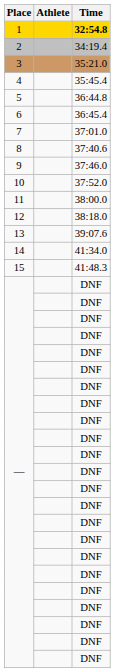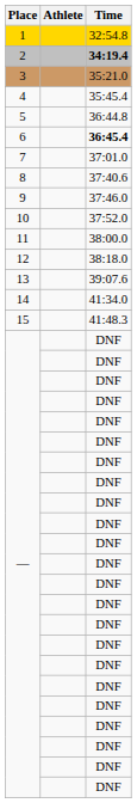 <table class=wikitable style="text-align:center">
 <tr>
 <th>Place</th>
 <th>Athlete</th>
 <th>Time</th>
 </tr>
 <tr bgcolor=gold>
 <td>1</td>
 <td align=left></td>
-<td><strong>32:54.8</strong></td>
+<td>32:54.8</td>
 </tr>
 <tr bgcolor=silver>
 <td>2</td>
 <td align=left></td>
-<td>34:19.4</td>
+<td><strong>34:19.4</strong></td>
 </tr>
 <tr bgcolor=cc9966>
 <td>3</td>
 <td align=left></td>
 <td>35:21.0</td>
 </tr>
 <tr>
 <td>4</td>
 <td align=left></td>
 <td>35:45.4</td>
 </tr>
 <tr>
 <td>5</td>
 <td align=left></td>
 <td>36:44.8</td>
 </tr>
 <tr>
 <td>6</td>
 <td align=left></td>
-<td>36:45.4</td>
+<td><strong>36:45.4</strong></td>
 </tr>
 <tr>
 <td>7</td>
 <td align=left></td>
 <td>37:01.0</td>
 </tr>
 <tr>
 <td>8</td>
 <td align=left></td>
 <td>37:40.6</td>
 </tr>
 <tr>
 <td>9</td>
 <td align=left></td>
 <td>37:46.0</td>
 </tr>
 <tr>
 <td>10</td>
 <td align=left></td>
 <td>37:52.0</td>
 </tr>
 <tr>
 <td>11</td>
 <td align=left></td>
 <td>38:00.0</td>
 </tr>
 <tr>
 <td>12</td>
 <td align=left></td>
 <td>38:18.0</td>
 </tr>
 <tr>
 <td>13</td>
 <td align=left></td>
 <td>39:07.6</td>
 </tr>
 <tr>
 <td>14</td>
 <td align=left></td>
 <td>41:34.0</td>
 </tr>
 <tr>
 <td>15</td>
 <td align=left></td>
 <td>41:48.3</td>
 </tr>
 <tr>
 <td rowspan=23>—</td>
 <td align=left></td>
 <td>DNF</td>
 </tr>
 <tr>
 <td align=left></td>
 <td>DNF</td>
 </tr>
 <tr>
 <td align=left></td>
 <td>DNF</td>
 </tr>
 <tr>
 <td align=left></td>
 <td>DNF</td>
 </tr>
 <tr>
 <td align=left></td>
 <td>DNF</td>
 </tr>
 <tr>
 <td align=left></td>
 <td>DNF</td>
 </tr>
 <tr>
 <td align=left></td>
 <td>DNF</td>
 </tr>
 <tr>
 <td align=left></td>
 <td>DNF</td>
 </tr>
 <tr>
 <td align=left></td>
 <td>DNF</td>
 </tr>
 <tr>
 <td align=left></td>
 <td>DNF</td>
 </tr>
 <tr>
 <td align=left></td>
 <td>DNF</td>
 </tr>
 <tr>
 <td align=left></td>
 <td>DNF</td>
 </tr>
 <tr>
 <td align=left></td>
 <td>DNF</td>
 </tr>
 <tr>
 <td align=left></td>
 <td>DNF</td>
 </tr>
 <tr>
 <td align=left></td>
 <td>DNF</td>
 </tr>
 <tr>
 <td align=left></td>
 <td>DNF</td>
 </tr>
 <tr>
 <td align=left></td>
 <td>DNF</td>
 </tr>
 <tr>
 <td align=left></td>
 <td>DNF</td>
 </tr>
 <tr>
 <td align=left></td>
 <td>DNF</td>
 </tr>
 <tr>
 <td align=left></td>
 <td>DNF</td>
 </tr>
 <tr>
 <td align=left></td>
 <td>DNF</td>
 </tr>
 <tr>
 <td align=left></td>
 <td>DNF</td>
 </tr>
 <tr>
 <td align=left></td>
 <td>DNF</td>
 </tr>
 </table>
